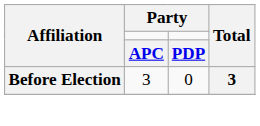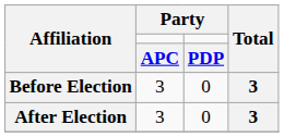 <table class="wikitable" style="text-align:center">
 <tr>
 <th rowspan="3">Affiliation</th>
 <th colspan="2">Party</th>
 <th rowspan="3">Total</th>
 </tr>
 <tr>
 <td style="background-color:"></td>
 <td style="background-color:"></td>
 </tr>
 <tr>
 <th><a href='#'>APC</a></th>
 <th><a href='#'>PDP</a></th>
 </tr>
 <tr>
 <th>Before Election</th>
 <td>3</td>
 <td>0</td>
 <th>3</th>
 </tr>
 <tr>
+<th>After Election</th>
+<td>3</td>
+<td>0</td>
+<th>3</th>
+</tr>
+<tr>
 </tr>
 </table>
